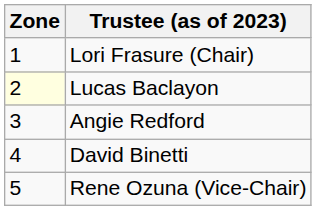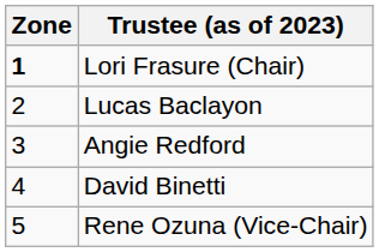 <table class="wikitable">
 <tr>
 <th>Zone</th>
 <th>Trustee (as of 2023)</th>
 </tr>
 <tr>
-<td>1</td>
+<td><strong>1</strong></td>
 <td>Lori Frasure (Chair)</td>
 </tr>
 <tr>
-<td style="background: lightyellow;">2</td>
+<td>2</td>
 <td>Lucas Baclayon</td>
 </tr>
 <tr>
 <td>3</td>
 <td>Angie Redford</td>
 </tr>
 <tr>
 <td>4</td>
 <td>David Binetti</td>
 </tr>
 <tr>
 <td>5</td>
 <td>Rene Ozuna (Vice-Chair)</td>
 </tr>
 </table>
